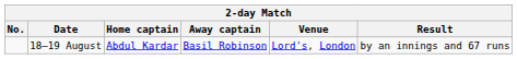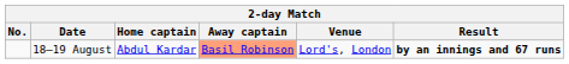 <table class="wikitable">
 <tr>
 <th colspan="9">2-day Match</th>
 </tr>
 <tr>
 <th>No.</th>
 <th>Date</th>
 <th>Home captain</th>
 <th>Away captain</th>
 <th>Venue</th>
 <th>Result</th>
 </tr>
 <tr>
 <td></td>
 <td>18–19 August</td>
 <td><a href='#'>Abdul Kardar</a></td>
-<td><a href='#'>Basil Robinson</a></td>
+<td style="background: lightsalmon;"><a href='#'>Basil Robinson</a></td>
 <td><a href='#'>Lord's</a>, <a href='#'>London</a></td>
-<td> by an innings and 67 runs</td>
+<td><strong> by an innings and 67 runs</strong></td>
 </tr>
 </table>
